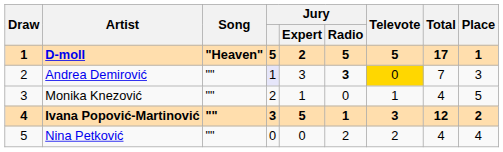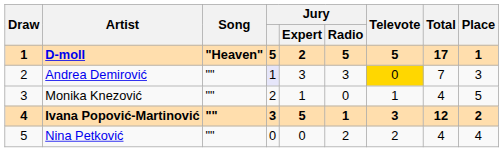 <table class="sortable wikitable plainrowheaders" style="margin: 1em auto 1em auto; text-align:center">
 <tr>
 <th rowspan="2">Draw</th>
 <th rowspan="2">Artist</th>
 <th rowspan="2">Song</th>
 <th colspan="3">Jury</th>
 <th rowspan="2">Televote</th>
 <th rowspan="2">Total</th>
 <th rowspan="2">Place</th>
 </tr>
 <tr>
 <th></th>
 <th>Expert</th>
 <th>Radio</th>
 </tr>
 <tr style="font-weight:bold; background:#FFDEAD;">
 <td scope="row" style="text-align:center;">1</td>
 <td align="left"><a href='#'>D-moll</a></td>
 <td align="left">"Heaven"</td>
 <td>5</td>
 <td>2</td>
 <td>5</td>
 <td>5</td>
 <td>17</td>
 <td>1</td>
 </tr>
 <tr>
 <td scope="row" style="text-align:center;">2</td>
 <td align="left"><a href='#'>Andrea Demirović</a></td>
 <td align="left">""</td>
 <td style="background: lavender;">1</td>
 <td>3</td>
-<td><strong>3</strong></td>
+<td>3</td>
 <td style="background: gold;">0</td>
 <td>7</td>
 <td>3</td>
 </tr>
 <tr>
 <td scope="row" style="text-align:center;">3</td>
 <td align="left">Monika Knezović</td>
 <td align="left">""</td>
 <td>2</td>
 <td>1</td>
 <td>0</td>
 <td>1</td>
 <td>4</td>
 <td>5</td>
 </tr>
 <tr style="font-weight:bold; background:#FFDEAD;">
 <td scope="row" style="text-align:center;">4</td>
 <td align="left">Ivana Popović-Martinović</td>
 <td align="left">""</td>
 <td>3</td>
 <td>5</td>
 <td>1</td>
 <td>3</td>
 <td>12</td>
 <td>2</td>
 </tr>
 <tr>
 <td scope="row" style="text-align:center;">5</td>
 <td align="left"><a href='#'>Nina Petković</a></td>
 <td align="left">""</td>
 <td>0</td>
 <td>0</td>
 <td>2</td>
 <td>2</td>
 <td>4</td>
 <td>4</td>
 </tr>
 </table>
